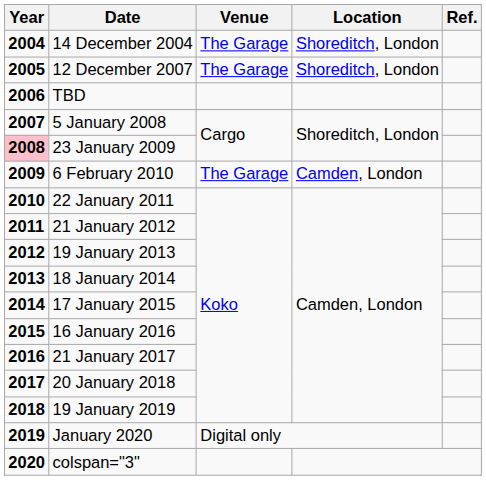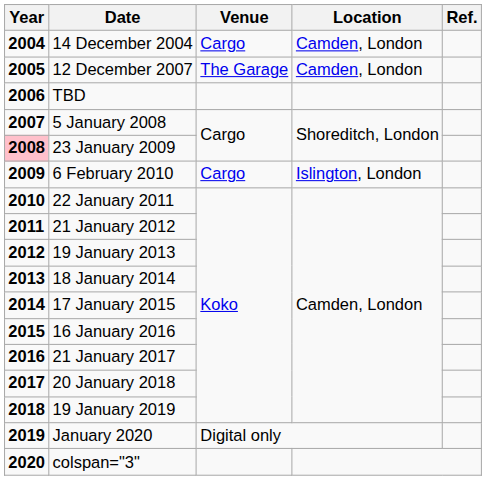 <table class="wikitable">
 <tr>
 <th>Year</th>
 <th>Date</th>
 <th>Venue</th>
 <th>Location</th>
 <th>Ref.</th>
 </tr>
 <tr>
 <td><strong>2004</strong></td>
 <td>14 December 2004</td>
-<td><a href='#'>The Garage</a></td>
-<td><a href='#'>Shoreditch</a>, London</td>
+<td><a href='#'>Cargo</a></td>
+<td><a href='#'>Camden</a>, London</td>
 <td></td>
 </tr>
 <tr>
 <td><strong>2005</strong></td>
 <td>12 December 2007</td>
 <td><a href='#'>The Garage</a></td>
-<td><a href='#'>Shoreditch</a>, London</td>
+<td><a href='#'>Camden</a>, London</td>
 <td></td>
 </tr>
 <tr>
 <td><strong>2006</strong></td>
 <td>TBD</td>
 <td></td>
 <td></td>
 <td></td>
 </tr>
 <tr>
 <td><strong>2007</strong></td>
 <td>5 January 2008</td>
 <td rowspan="2">Cargo</td>
 <td rowspan="2">Shoreditch, London</td>
 <td></td>
 </tr>
 <tr>
 <td style="background: pink;"><strong>2008</strong></td>
 <td>23 January 2009</td>
 <td></td>
 </tr>
 <tr>
 <td><strong>2009</strong></td>
 <td>6 February 2010</td>
-<td><a href='#'>The Garage</a></td>
-<td><a href='#'>Camden</a>, London</td>
+<td><a href='#'>Cargo</a></td>
+<td><a href='#'>Islington</a>, London</td>
 <td></td>
 </tr>
 <tr>
 <td><strong>2010</strong></td>
 <td>22 January 2011</td>
 <td rowspan="9"><a href='#'>Koko</a></td>
 <td rowspan="9">Camden, London</td>
 <td></td>
 </tr>
 <tr>
 <td><strong>2011</strong></td>
 <td>21 January 2012</td>
 <td></td>
 </tr>
 <tr>
 <td><strong>2012</strong></td>
 <td>19 January 2013</td>
 <td></td>
 </tr>
 <tr>
 <td><strong>2013</strong></td>
 <td>18 January 2014</td>
 <td></td>
 </tr>
 <tr>
 <td><strong>2014</strong></td>
 <td>17 January 2015</td>
 <td></td>
 </tr>
 <tr>
 <td><strong>2015</strong></td>
 <td>16 January 2016</td>
 <td></td>
 </tr>
 <tr>
 <td><strong>2016</strong></td>
 <td>21 January 2017</td>
 <td></td>
 </tr>
 <tr>
 <td><strong>2017</strong></td>
 <td>20 January 2018</td>
 <td></td>
 </tr>
 <tr>
 <td><strong>2018</strong></td>
 <td>19 January 2019</td>
 <td></td>
 </tr>
 <tr>
 <td><strong>2019</strong></td>
 <td>January 2020</td>
 <td colspan="2">Digital only</td>
 <td></td>
 </tr>
 <tr>
 <td><strong>2020</strong></td>
 <td>colspan="3" </td>
 <td></td>
 </tr>
 </table>
